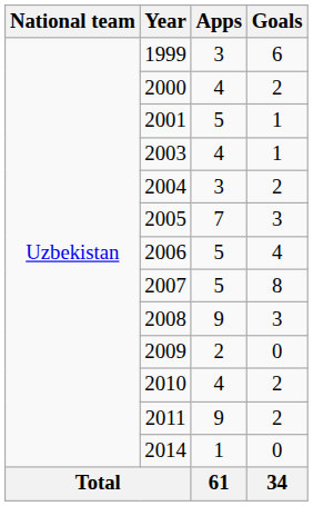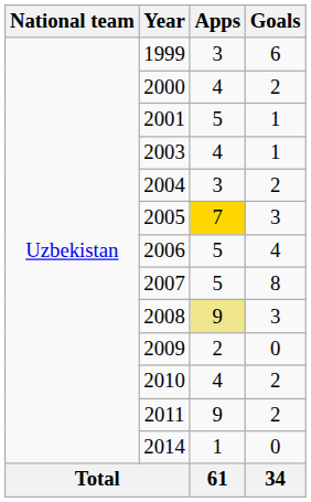 <table class="wikitable" style="text-align:center">
 <tr>
 <th>National team</th>
 <th>Year</th>
 <th>Apps</th>
 <th>Goals</th>
 </tr>
 <tr>
 <td rowspan="13"><a href='#'>Uzbekistan</a></td>
 <td>1999</td>
 <td>3</td>
 <td>6</td>
 </tr>
 <tr>
 <td>2000</td>
 <td>4</td>
 <td>2</td>
 </tr>
 <tr>
 <td>2001</td>
 <td>5</td>
 <td>1</td>
 </tr>
 <tr>
 <td>2003</td>
 <td>4</td>
 <td>1</td>
 </tr>
 <tr>
 <td>2004</td>
 <td>3</td>
 <td>2</td>
 </tr>
 <tr>
 <td>2005</td>
-<td>7</td>
+<td style="background: gold;">7</td>
 <td>3</td>
 </tr>
 <tr>
 <td>2006</td>
 <td>5</td>
 <td>4</td>
 </tr>
 <tr>
 <td>2007</td>
 <td>5</td>
 <td>8</td>
 </tr>
 <tr>
 <td>2008</td>
-<td>9</td>
+<td style="background: khaki;">9</td>
 <td>3</td>
 </tr>
 <tr>
 <td>2009</td>
 <td>2</td>
 <td>0</td>
 </tr>
 <tr>
 <td>2010</td>
 <td>4</td>
 <td>2</td>
 </tr>
 <tr>
 <td>2011</td>
 <td>9</td>
 <td>2</td>
 </tr>
 <tr>
 <td>2014</td>
 <td>1</td>
 <td>0</td>
 </tr>
 <tr>
 <th colspan="2">Total</th>
 <th>61</th>
 <th>34</th>
 </tr>
 </table>
